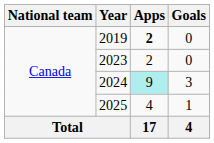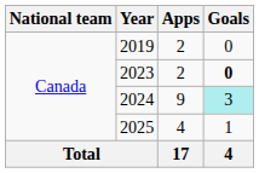 <table class="wikitable" style="text-align:center">
 <tr>
 <th>National team</th>
 <th>Year</th>
 <th>Apps</th>
 <th>Goals</th>
 </tr>
 <tr>
 <td rowspan="4"><a href='#'>Canada</a></td>
 <td>2019</td>
-<td><strong>2</strong></td>
+<td>2</td>
 <td>0</td>
 </tr>
 <tr>
 <td>2023</td>
 <td>2</td>
-<td>0</td>
+<td><strong>0</strong></td>
 </tr>
 <tr>
 <td>2024</td>
-<td style="background: paleturquoise;">9</td>
-<td>3</td>
+<td>9</td>
+<td style="background: paleturquoise;">3</td>
 </tr>
 <tr>
 <td>2025</td>
 <td>4</td>
 <td>1</td>
 </tr>
 <tr>
 <th colspan="2">Total</th>
 <th>17</th>
 <th>4</th>
 </tr>
 </table>
